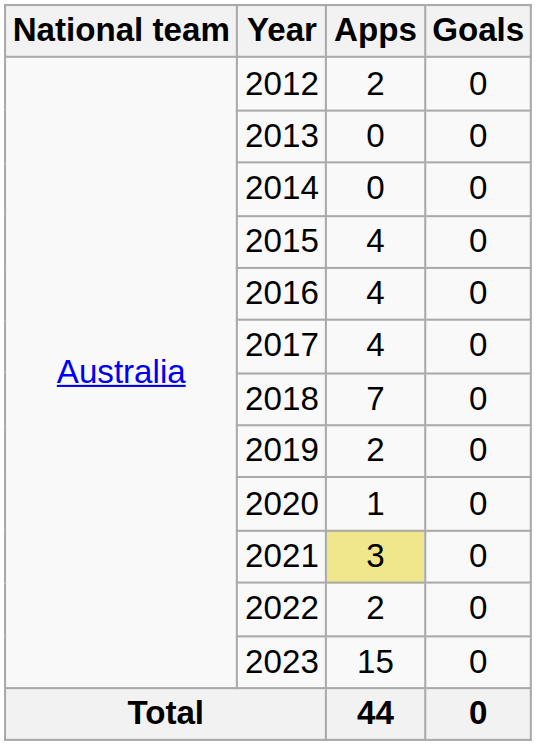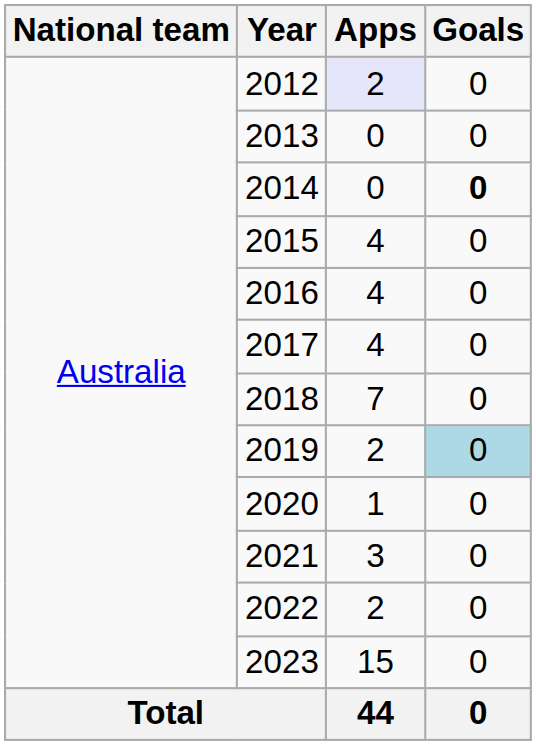 <table class="wikitable" style="text-align:center">
 <tr>
 <th>National team</th>
 <th>Year</th>
 <th>Apps</th>
 <th>Goals</th>
 </tr>
 <tr>
 <td rowspan="12"><a href='#'>Australia</a></td>
 <td>2012</td>
-<td>2</td>
+<td style="background: lavender;">2</td>
 <td>0</td>
 </tr>
 <tr>
 <td>2013</td>
 <td>0</td>
 <td>0</td>
 </tr>
 <tr>
 <td>2014</td>
 <td>0</td>
-<td>0</td>
+<td><strong>0</strong></td>
 </tr>
 <tr>
 <td>2015</td>
 <td>4</td>
 <td>0</td>
 </tr>
 <tr>
 <td>2016</td>
 <td>4</td>
 <td>0</td>
 </tr>
 <tr>
 <td>2017</td>
 <td>4</td>
 <td>0</td>
 </tr>
 <tr>
 <td>2018</td>
 <td>7</td>
 <td>0</td>
 </tr>
 <tr>
 <td>2019</td>
 <td>2</td>
-<td>0</td>
+<td style="background: lightblue;">0</td>
 </tr>
 <tr>
 <td>2020</td>
 <td>1</td>
 <td>0</td>
 </tr>
 <tr>
 <td>2021</td>
-<td style="background: khaki;">3</td>
+<td>3</td>
 <td>0</td>
 </tr>
 <tr>
 <td>2022</td>
 <td>2</td>
 <td>0</td>
 </tr>
 <tr>
 <td>2023</td>
 <td>15</td>
 <td>0</td>
 </tr>
 <tr>
 <th colspan="2">Total</th>
 <th>44</th>
 <th>0</th>
 </tr>
 </table>
